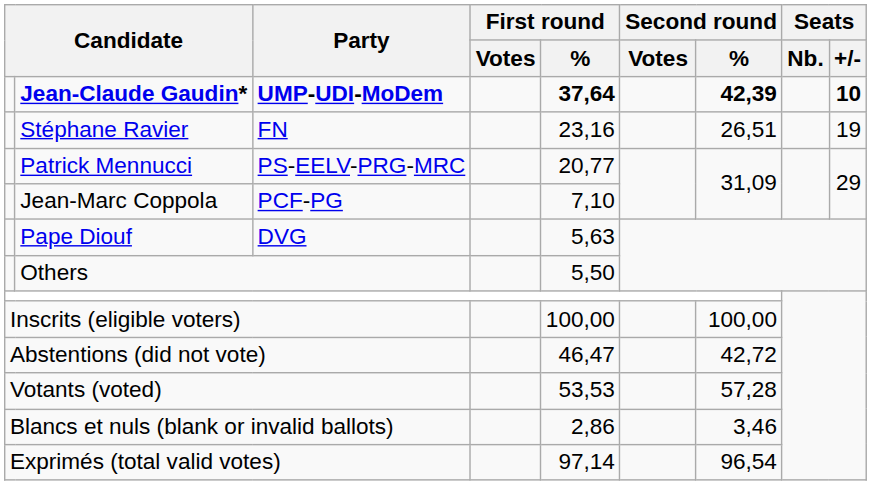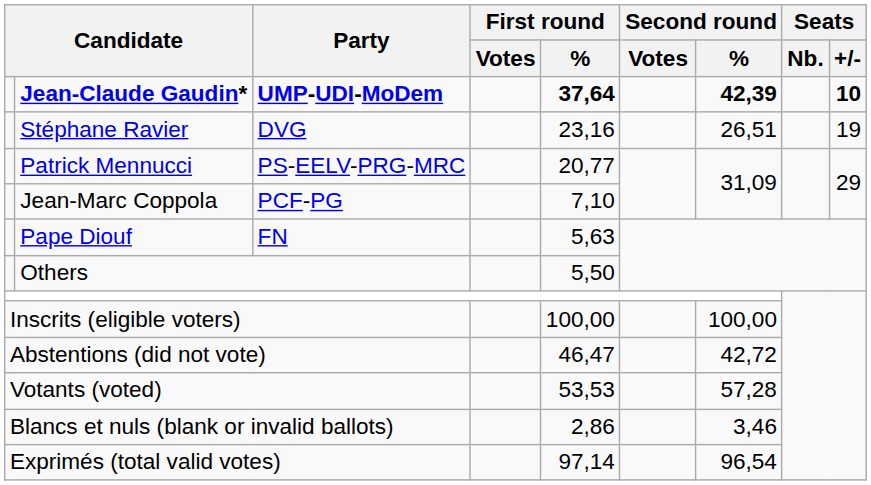 <table class="wikitable centre">
 <tr>
 <th scope="col" rowspan=2 colspan=2>Candidate</th>
 <th scope="col" rowspan=2 colspan=1>Party</th>
 <th scope="col" colspan=2>First round</th>
 <th scope="col" colspan=2>Second round</th>
 <th scope="col" colspan=2>Seats</th>
 </tr>
 <tr>
 <th scope="col">Votes</th>
 <th scope="col">%</th>
 <th scope="col">Votes</th>
 <th scope="col">%</th>
 <th scope="col">Nb.</th>
 <th scope="col">+/-</th>
 </tr>
 <tr>
 <td style="color:inherit;background:"></td>
 <td><strong><a href='#'>Jean-Claude Gaudin</a>*</strong></td>
 <td><strong><a href='#'>UMP</a>-<a href='#'>UDI</a>-<a href='#'>MoDem</a></strong></td>
 <td style="text-align: right"><strong></strong></td>
 <td style="text-align: right"><strong>37,64</strong></td>
 <td style="text-align: right"><strong></strong></td>
 <td style="text-align: right"><strong>42,39</strong></td>
 <td style="text-align: right"><strong></strong></td>
 <td style="text-align: right"><strong> 10</strong></td>
 </tr>
 <tr>
 <td style="color:inherit;background:"></td>
 <td><a href='#'>Stéphane Ravier</a></td>
-<td><a href='#'>FN</a></td>
+<td><a href='#'>DVG</a></td>
 <td style="text-align: right"></td>
 <td style="text-align: right">23,16</td>
 <td style="text-align: right"></td>
 <td style="text-align: right">26,51</td>
 <td style="text-align: right"></td>
 <td style="text-align: right"> 19</td>
 </tr>
 <tr>
 <td style="color:inherit;background:"></td>
 <td><a href='#'>Patrick Mennucci</a></td>
 <td><a href='#'>PS</a>-<a href='#'>EELV</a>-<a href='#'>PRG</a>-<a href='#'>MRC</a></td>
 <td style="text-align: right"></td>
 <td style="text-align: right">20,77</td>
 <td style="text-align: right" rowspan=2></td>
 <td style="text-align: right" rowspan=2>31,09</td>
 <td style="text-align: right" rowspan=2></td>
 <td style="text-align: right" rowspan=2> 29</td>
 </tr>
 <tr>
 <td style="color:inherit;background:"></td>
 <td>Jean-Marc Coppola</td>
 <td><a href='#'>PCF</a>-<a href='#'>PG</a></td>
 <td style="text-align: right"></td>
 <td style="text-align: right">7,10</td>
 </tr>
 <tr>
 <td style="color:inherit;background:"></td>
 <td><a href='#'>Pape Diouf</a></td>
-<td><a href='#'>DVG</a></td>
+<td><a href='#'>FN</a></td>
 <td style="text-align: right"></td>
 <td style="text-align: right">5,63</td>
 <td colspan=9 rowspan=2></td>
 </tr>
 <tr>
 <td style="color:inherit;background:"></td>
 <td colspan=2>Others</td>
 <td style="text-align: right"></td>
 <td style="text-align: right">5,50</td>
 </tr>
 <tr bgcolor=white>
 <td colspan=7></td>
 </tr>
 <tr>
 <td colspan=3>Inscrits (eligible voters)</td>
 <td style="text-align: right"></td>
 <td style="text-align: right">100,00</td>
 <td style="text-align: right"></td>
 <td style="text-align: right">100,00</td>
 </tr>
 <tr>
 <td colspan=3>Abstentions (did not vote)</td>
 <td style="text-align: right"></td>
 <td style="text-align: right">46,47</td>
 <td style="text-align: right"></td>
 <td style="text-align: right">42,72</td>
 </tr>
 <tr>
 <td colspan=3>Votants (voted)</td>
 <td style="text-align: right"></td>
 <td style="text-align: right">53,53</td>
 <td style="text-align: right"></td>
 <td style="text-align: right">57,28</td>
 </tr>
 <tr>
 <td colspan=3>Blancs et nuls (blank or invalid ballots)</td>
 <td style="text-align: right"></td>
 <td style="text-align: right">2,86</td>
 <td style="text-align: right"></td>
 <td style="text-align: right">3,46</td>
 </tr>
 <tr>
 <td colspan=3>Exprimés (total valid votes)</td>
 <td style="text-align: right"></td>
 <td style="text-align: right">97,14</td>
 <td style="text-align: right"></td>
 <td style="text-align: right">96,54</td>
 </tr>
 </table>
